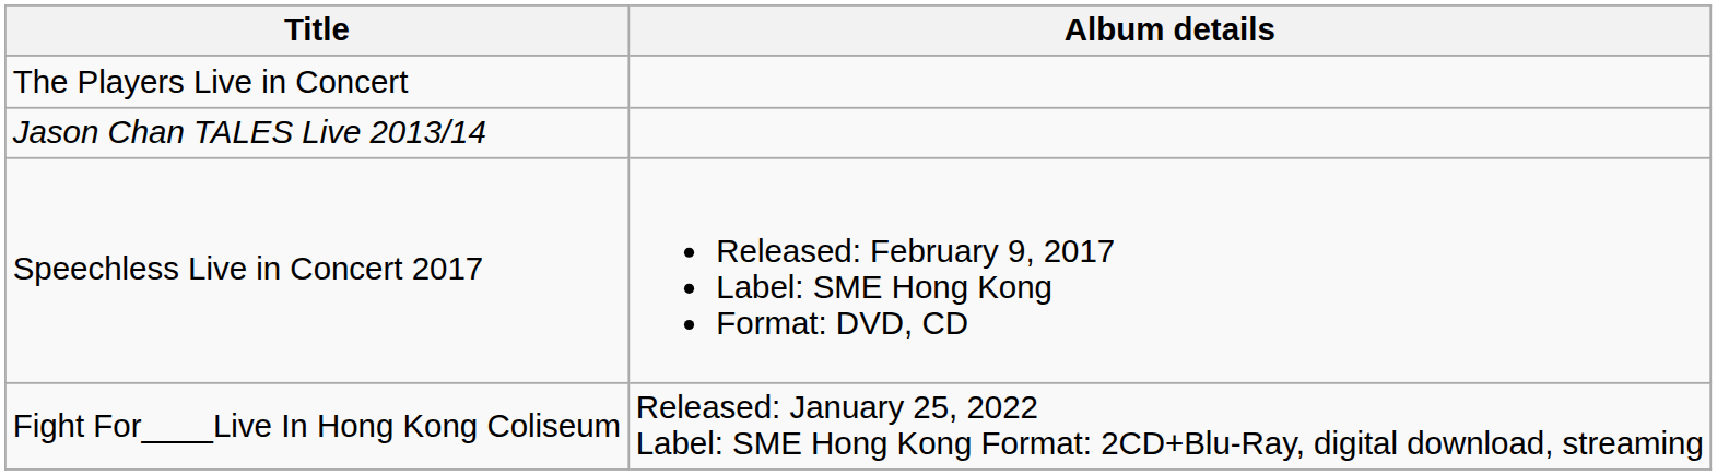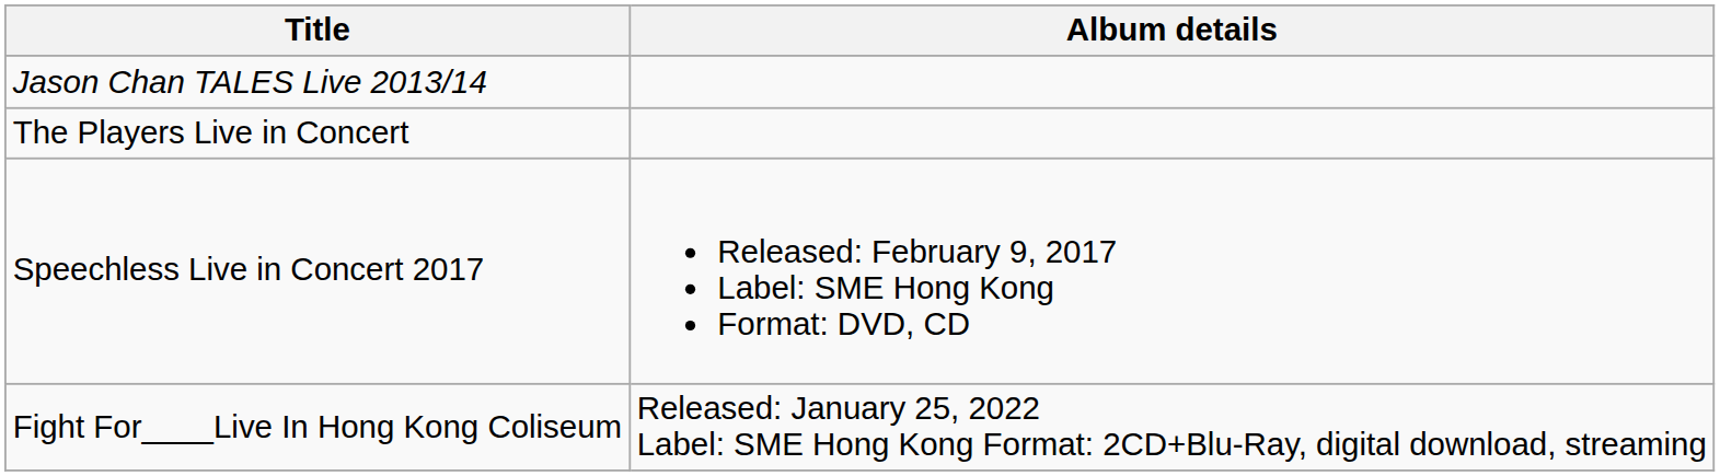 <table class="wikitable">
 <tr>
 <th>Title</th>
 <th>Album details</th>
 </tr>
 <tr>
-<td></em>The Players Live in Concert<em></td>
+<td><em>Jason Chan TALES Live 2013/14<strong><em> <strong></td>
 <td></td>
 </tr>
 <tr>
-<td><em>Jason Chan TALES Live 2013/14<strong><em> <strong></td>
+<td></em>The Players Live in Concert<em></td>
 <td></td>
 </tr>
 <tr>
 <td></em>Speechless Live in Concert 2017<em></td>
 <td><br><ul><li>Released: February 9, 2017</li><li>Label: SME Hong Kong</li><li>Format: DVD, CD</li></ul></td>
 </tr>
 <tr>
 <td></em>Fight For____Live In Hong Kong Coliseum<em></td>
 <td>Released: January 25, 2022<br>Label: SME Hong Kong Format: 2CD+Blu-Ray, digital download, streaming</td>
 </tr>
 </table>
